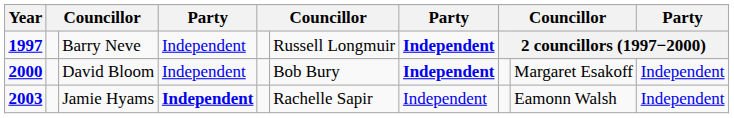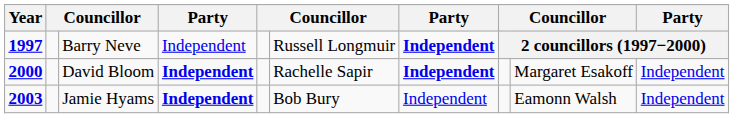 <table class="wikitable">
 <tr>
 <th rowspan="2">Year</th>
 </tr>
 <tr>
 <th colspan="2">Councillor</th>
 <th>Party</th>
 <th colspan="2">Councillor</th>
 <th>Party</th>
 <th colspan="2">Councillor</th>
 <th>Party</th>
 </tr>
 <tr>
 <td><strong><a href='#'>1997</a></strong></td>
 <td rowspan="1" width="1px" > </td>
 <td rowspan="1">Barry Neve</td>
 <td rowspan="1"><a href='#'>Independent</a></td>
 <td rowspan="1" width="1px" > </td>
 <td rowspan="1">Russell Longmuir</td>
 <td rowspan="1"><strong><a href='#'>Independent</a></strong></td>
 <th colspan=12; rowspan=1>2 councillors (1997−2000)</th>
 </tr>
 <tr>
 <td><strong><a href='#'>2000</a></strong></td>
 <td rowspan="1" width="1px" > </td>
 <td rowspan="1">David Bloom</td>
-<td rowspan="1"><a href='#'>Independent</a></td>
+<td rowspan="1"><strong><a href='#'>Independent</a></strong></td>
 <td rowspan="1" width="1px" > </td>
-<td rowspan="1">Bob Bury</td>
+<td rowspan="1">Rachelle Sapir</td>
 <td rowspan="1"><strong><a href='#'>Independent</a></strong></td>
 <td rowspan="1" width="1px" > </td>
 <td rowspan="1">Margaret Esakoff</td>
 <td rowspan="1"><a href='#'>Independent</a></td>
 </tr>
 <tr>
 <td><strong><a href='#'>2003</a></strong></td>
 <td rowspan="1" width="1px" > </td>
 <td rowspan="1">Jamie Hyams</td>
 <td rowspan="1"><strong><a href='#'>Independent</a></strong></td>
 <td rowspan="1" width="1px" > </td>
-<td rowspan="1">Rachelle Sapir</td>
+<td rowspan="1">Bob Bury</td>
 <td rowspan="1"><a href='#'>Independent</a></td>
 <td rowspan="1" width="1px" > </td>
 <td rowspan="1">Eamonn Walsh</td>
 <td rowspan="1"><a href='#'>Independent</a></td>
 </tr>
 </table>
